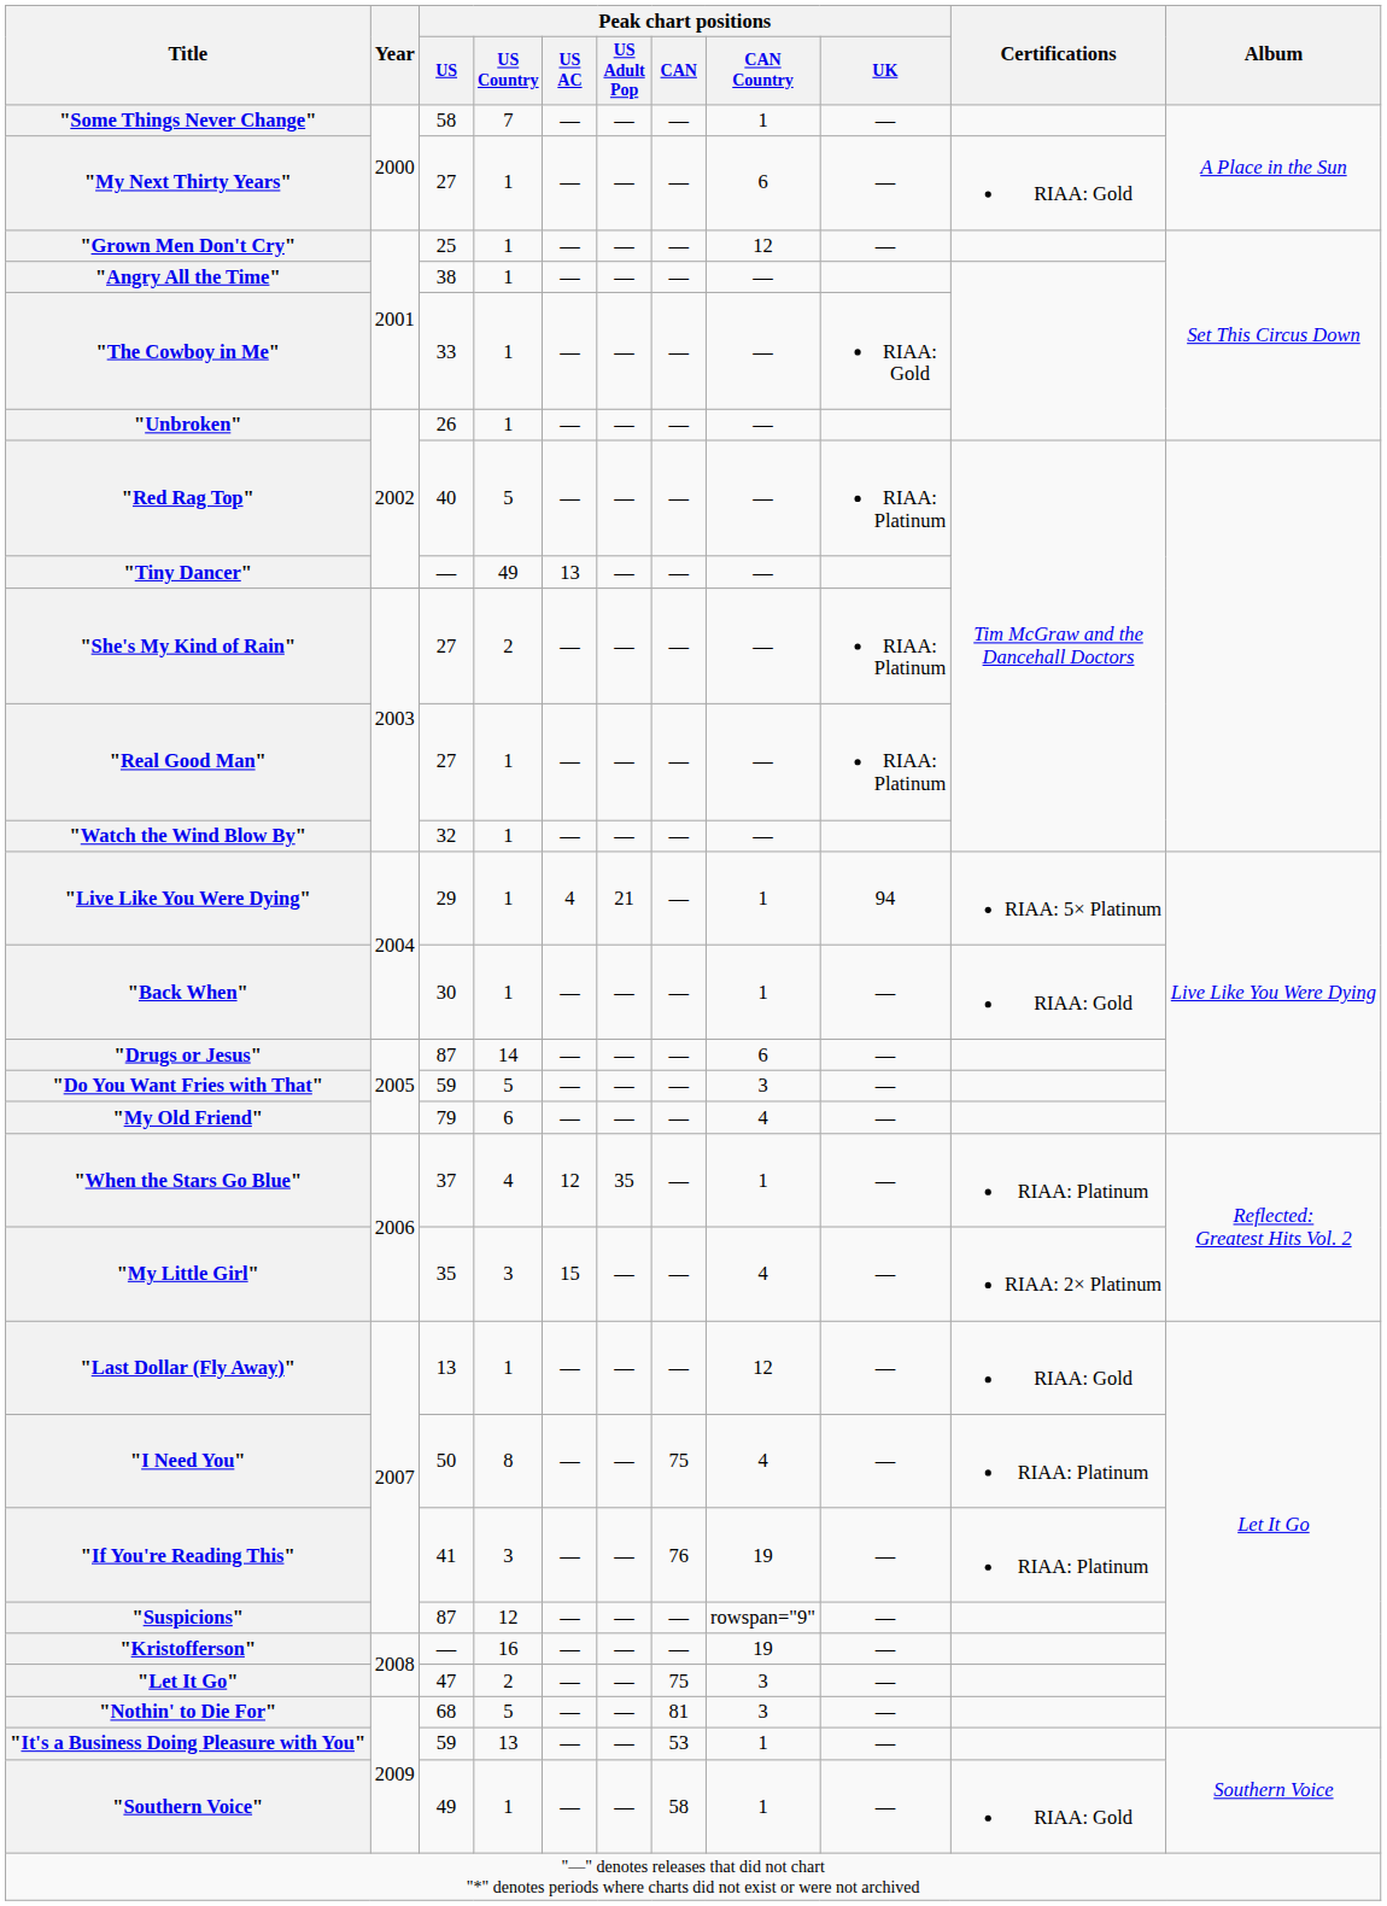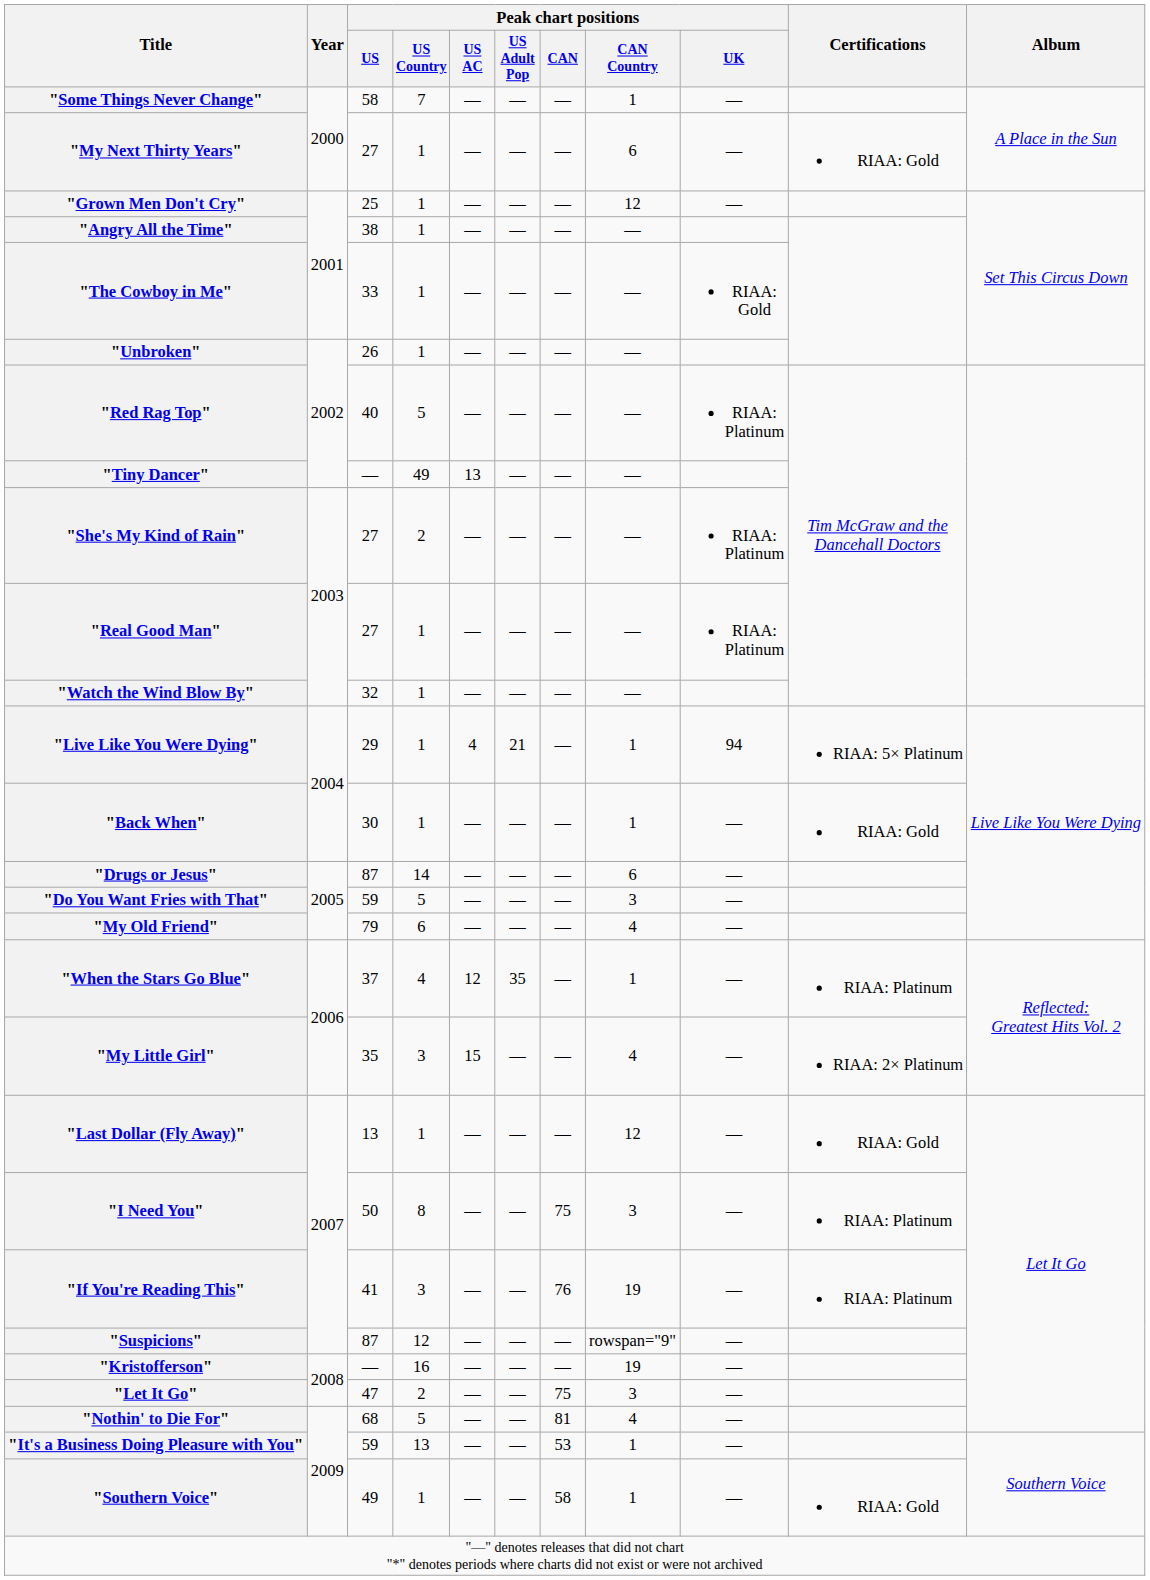 <table class="wikitable plainrowheaders" style="text-align:center;">
 <tr>
 <th scope="col" rowspan="2">Title</th>
 <th scope="col" rowspan="2">Year</th>
 <th scope="col" colspan="7">Peak chart positions</th>
 <th scope="col" rowspan="2">Certifications</th>
 <th scope="col" rowspan="2">Album</th>
 </tr>
 <tr>
 <th scope="col" style="width:2.75em;font-size:85%;"><a href='#'>US</a><br></th>
 <th scope="col" style="width:2.75em;font-size:85%;"><a href='#'>US<br>Country</a><br></th>
 <th scope="col" style="width:2.75em;font-size:85%;"><a href='#'>US<br>AC</a><br></th>
 <th scope="col" style="width:2.75em;font-size:85%;"><a href='#'>US<br>Adult<br>Pop</a><br></th>
 <th scope="col" style="width:2.75em;font-size:85%;"><a href='#'>CAN</a><br></th>
 <th scope="col" style="width:2.75em;font-size:85%;"><a href='#'>CAN<br>Country</a><br></th>
 <th scope="col" style="width:2.75em;font-size:85%;"><a href='#'>UK</a><br></th>
 </tr>
 <tr>
 <th scope="row">"<a href='#'>Some Things Never Change</a>"</th>
 <td rowspan="2">2000</td>
 <td>58</td>
 <td>7</td>
 <td>—</td>
 <td>—</td>
 <td>—</td>
 <td>1</td>
 <td>—</td>
 <td></td>
 <td rowspan="2"><em><a href='#'>A Place in the Sun</a></em></td>
 </tr>
 <tr>
 <th scope="row">"<a href='#'>My Next Thirty Years</a>"</th>
 <td>27</td>
 <td>1</td>
 <td>—</td>
 <td>—</td>
 <td>—</td>
 <td>6</td>
 <td>—</td>
 <td><br><ul><li>RIAA: Gold</li></ul></td>
 </tr>
 <tr>
 <th scope="row">"<a href='#'>Grown Men Don't Cry</a>"</th>
 <td rowspan="3">2001</td>
 <td>25</td>
 <td>1</td>
 <td>—</td>
 <td>—</td>
 <td>—</td>
 <td>12</td>
 <td>—</td>
 <td></td>
 <td rowspan="4"><em><a href='#'>Set This Circus Down</a></em></td>
 </tr>
 <tr>
 <th scope="row">"<a href='#'>Angry All the Time</a>"</th>
 <td>38</td>
 <td>1</td>
 <td>—</td>
 <td>—</td>
 <td>—</td>
 <td>—</td>
 <td></td>
 </tr>
 <tr>
 <th scope="row">"<a href='#'>The Cowboy in Me</a>"</th>
 <td>33</td>
 <td>1</td>
 <td>—</td>
 <td>—</td>
 <td>—</td>
 <td>—</td>
 <td><br><ul><li>RIAA: Gold</li></ul></td>
 </tr>
 <tr>
 <th scope="row">"<a href='#'>Unbroken</a>"</th>
 <td rowspan="3">2002</td>
 <td>26</td>
 <td>1</td>
 <td>—</td>
 <td>—</td>
 <td>—</td>
 <td>—</td>
 <td></td>
 </tr>
 <tr>
 <th scope="row">"<a href='#'>Red Rag Top</a>"</th>
 <td>40</td>
 <td>5</td>
 <td>—</td>
 <td>—</td>
 <td>—</td>
 <td>—</td>
 <td><br><ul><li>RIAA: Platinum</li></ul></td>
 <td rowspan="5"><em><a href='#'>Tim McGraw and the<br>Dancehall Doctors</a></em></td>
 </tr>
 <tr>
 <th scope="row">"<a href='#'>Tiny Dancer</a>"</th>
 <td>—</td>
 <td>49</td>
 <td>13</td>
 <td>—</td>
 <td>—</td>
 <td>—</td>
 <td></td>
 </tr>
 <tr>
 <th scope="row">"<a href='#'>She's My Kind of Rain</a>"</th>
 <td rowspan="3">2003</td>
 <td>27</td>
 <td>2</td>
 <td>—</td>
 <td>—</td>
 <td>—</td>
 <td>—</td>
 <td><br><ul><li>RIAA: Platinum</li></ul></td>
 </tr>
 <tr>
 <th scope="row">"<a href='#'>Real Good Man</a>"</th>
 <td>27</td>
 <td>1</td>
 <td>—</td>
 <td>—</td>
 <td>—</td>
 <td>—</td>
 <td><br><ul><li>RIAA: Platinum</li></ul></td>
 </tr>
 <tr>
 <th scope="row">"<a href='#'>Watch the Wind Blow By</a>"</th>
 <td>32</td>
 <td>1</td>
 <td>—</td>
 <td>—</td>
 <td>—</td>
 <td>—</td>
 <td></td>
 </tr>
 <tr>
 <th scope="row">"<a href='#'>Live Like You Were Dying</a>"</th>
 <td rowspan="2">2004</td>
 <td>29</td>
 <td>1</td>
 <td>4</td>
 <td>21</td>
 <td>—</td>
 <td>1</td>
 <td>94</td>
 <td><br><ul><li>RIAA: 5× Platinum</li></ul></td>
 <td rowspan="5"><em><a href='#'>Live Like You Were Dying</a></em></td>
 </tr>
 <tr>
 <th scope="row">"<a href='#'>Back When</a>"</th>
 <td>30</td>
 <td>1</td>
 <td>—</td>
 <td>—</td>
 <td>—</td>
 <td>1</td>
 <td>—</td>
 <td><br><ul><li>RIAA: Gold</li></ul></td>
 </tr>
 <tr>
 <th scope="row">"<a href='#'>Drugs or Jesus</a>"</th>
 <td rowspan="3">2005</td>
 <td>87</td>
 <td>14</td>
 <td>—</td>
 <td>—</td>
 <td>—</td>
 <td>6</td>
 <td>—</td>
 <td></td>
 </tr>
 <tr>
 <th scope="row">"<a href='#'>Do You Want Fries with That</a>"</th>
 <td>59</td>
 <td>5</td>
 <td>—</td>
 <td>—</td>
 <td>—</td>
 <td>3</td>
 <td>—</td>
 <td></td>
 </tr>
 <tr>
 <th scope="row">"<a href='#'>My Old Friend</a>"</th>
 <td>79</td>
 <td>6</td>
 <td>—</td>
 <td>—</td>
 <td>—</td>
 <td>4</td>
 <td>—</td>
 <td></td>
 </tr>
 <tr>
 <th scope="row">"<a href='#'>When the Stars Go Blue</a>"</th>
 <td rowspan="2">2006</td>
 <td>37</td>
 <td>4</td>
 <td>12</td>
 <td>35</td>
 <td>—</td>
 <td>1</td>
 <td>—</td>
 <td><br><ul><li>RIAA: Platinum</li></ul></td>
 <td rowspan="2"><em><a href='#'>Reflected:<br>Greatest Hits Vol. 2</a></em></td>
 </tr>
 <tr>
 <th scope="row">"<a href='#'>My Little Girl</a>"</th>
 <td>35</td>
 <td>3</td>
 <td>15</td>
 <td>—</td>
 <td>—</td>
 <td>4</td>
 <td>—</td>
 <td><br><ul><li>RIAA: 2× Platinum</li></ul></td>
 </tr>
 <tr>
 <th scope="row">"<a href='#'>Last Dollar (Fly Away)</a>"</th>
 <td rowspan="4">2007</td>
 <td>13</td>
 <td>1</td>
 <td>—</td>
 <td>—</td>
 <td>—</td>
 <td>12</td>
 <td>—</td>
 <td><br><ul><li>RIAA: Gold</li></ul></td>
 <td rowspan="7"><em><a href='#'>Let It Go</a></em></td>
 </tr>
 <tr>
 <th scope="row">"<a href='#'>I Need You</a>"<br></th>
 <td>50</td>
 <td>8</td>
 <td>—</td>
 <td>—</td>
 <td>75</td>
-<td>4</td>
+<td>3</td>
 <td>—</td>
 <td><br><ul><li>RIAA: Platinum</li></ul></td>
 </tr>
 <tr>
 <th scope="row">"<a href='#'>If You're Reading This</a>"</th>
 <td>41</td>
 <td>3</td>
 <td>—</td>
 <td>—</td>
 <td>76</td>
 <td>19</td>
 <td>—</td>
 <td><br><ul><li>RIAA: Platinum</li></ul></td>
 </tr>
 <tr>
 <th scope="row">"<a href='#'>Suspicions</a>"</th>
 <td>87</td>
 <td>12</td>
 <td>—</td>
 <td>—</td>
 <td>—</td>
 <td>rowspan="9" </td>
 <td>—</td>
 <td></td>
 </tr>
 <tr>
 <th scope="row">"<a href='#'>Kristofferson</a>"</th>
 <td rowspan="2">2008</td>
 <td>—</td>
 <td>16</td>
 <td>—</td>
 <td>—</td>
 <td>—</td>
 <td>19</td>
 <td>—</td>
 <td></td>
 </tr>
 <tr>
 <th scope="row">"<a href='#'>Let It Go</a>"</th>
 <td>47</td>
 <td>2</td>
 <td>—</td>
 <td>—</td>
 <td>75</td>
 <td>3</td>
 <td>—</td>
 <td></td>
 </tr>
 <tr>
 <th scope="row">"<a href='#'>Nothin' to Die For</a>"</th>
 <td rowspan="3">2009</td>
 <td>68</td>
 <td>5</td>
 <td>—</td>
 <td>—</td>
 <td>81</td>
-<td>3</td>
+<td>4</td>
 <td>—</td>
 <td></td>
 </tr>
 <tr>
 <th scope="row">"<a href='#'>It's a Business Doing Pleasure with You</a>"</th>
 <td>59</td>
 <td>13</td>
 <td>—</td>
 <td>—</td>
 <td>53</td>
 <td>1</td>
 <td>—</td>
 <td></td>
 <td rowspan="2"><em><a href='#'>Southern Voice</a></em></td>
 </tr>
 <tr>
 <th scope="row">"<a href='#'>Southern Voice</a>"</th>
 <td>49</td>
 <td>1</td>
 <td>—</td>
 <td>—</td>
 <td>58</td>
 <td>1</td>
 <td>—</td>
 <td><br><ul><li>RIAA: Gold</li></ul></td>
 </tr>
 <tr>
 <td colspan="12" style="font-size:85%">"—" denotes releases that did not chart<br>"*" denotes periods where charts did not exist or were not archived</td>
 </tr>
 </table>
